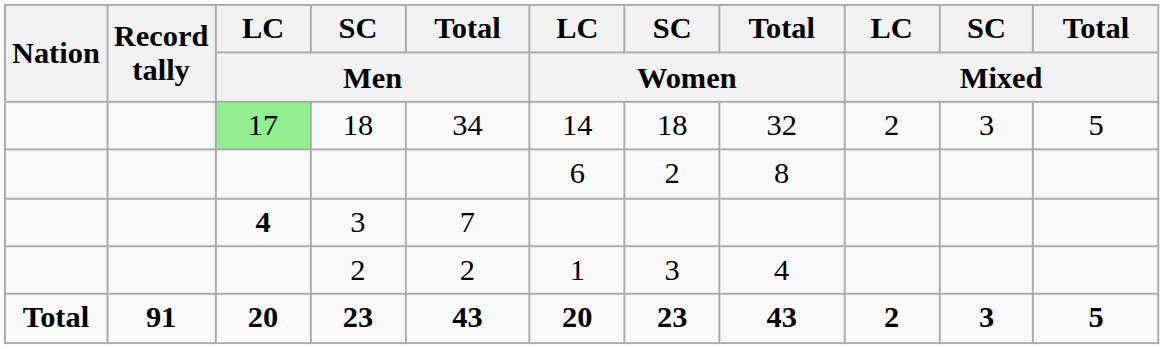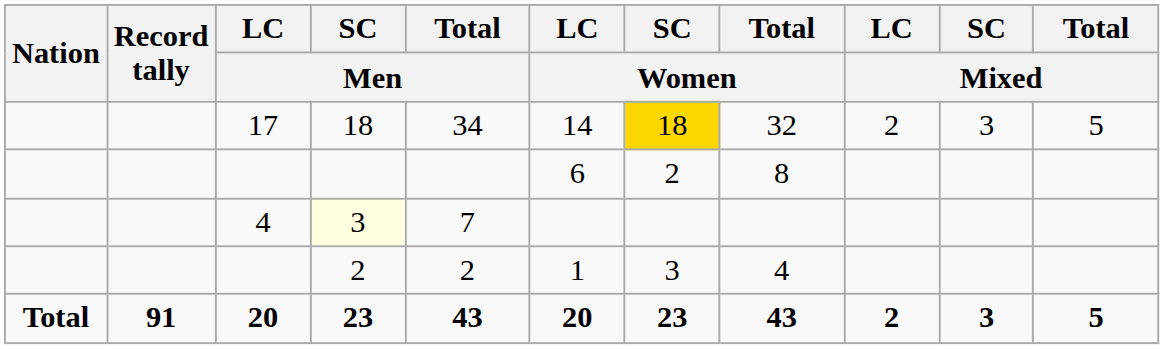 <table class="wikitable sortable" style="text-align:center">
 <tr>
 <th rowspan="2">Nation</th>
 <th rowspan="2">Record<br>tally</th>
 <th style="width:3em">LC</th>
 <th style="width:3em">SC</th>
 <th style="width:4em">Total</th>
 <th style="width:3em">LC</th>
 <th style="width:3em">SC</th>
 <th style="width:4em">Total</th>
 <th style="width:3em">LC</th>
 <th style="width:3em">SC</th>
 <th style="width:4em">Total</th>
 </tr>
 <tr class="unsortable">
 <th colspan="3">Men</th>
 <th colspan="3">Women</th>
 <th colspan="3">Mixed</th>
 </tr>
 <tr>
 <td align="left"></td>
 <td></td>
-<td style="background: lightgreen;">17</td>
+<td>17</td>
 <td>18</td>
 <td>34</td>
 <td>14</td>
-<td>18</td>
+<td style="background: gold;">18</td>
 <td>32</td>
 <td>2</td>
 <td>3</td>
 <td>5</td>
 </tr>
 <tr>
 <td align="left"></td>
 <td></td>
 <td></td>
 <td></td>
 <td></td>
 <td>6</td>
 <td>2</td>
 <td>8</td>
 <td></td>
 <td></td>
 <td></td>
 </tr>
 <tr>
 <td align="left"></td>
 <td></td>
-<td><strong>4</strong></td>
-<td>3</td>
+<td>4</td>
+<td style="background: lightyellow;">3</td>
 <td>7</td>
 <td></td>
 <td></td>
 <td></td>
 <td></td>
 <td></td>
 <td></td>
 </tr>
 <tr>
 <td align="left"></td>
 <td></td>
 <td></td>
 <td>2</td>
 <td>2</td>
 <td>1</td>
 <td>3</td>
 <td>4</td>
 <td></td>
 <td></td>
 <td></td>
 </tr>
 <tr class="sortbottom">
 <td><strong>Total</strong></td>
 <td><strong>91</strong></td>
 <td><strong>20</strong></td>
 <td><strong>23</strong></td>
 <td><strong>43</strong></td>
 <td><strong>20</strong></td>
 <td><strong>23</strong></td>
 <td><strong>43</strong></td>
 <td><strong>2</strong></td>
 <td><strong>3</strong></td>
 <td><strong>5</strong></td>
 </tr>
 </table>
